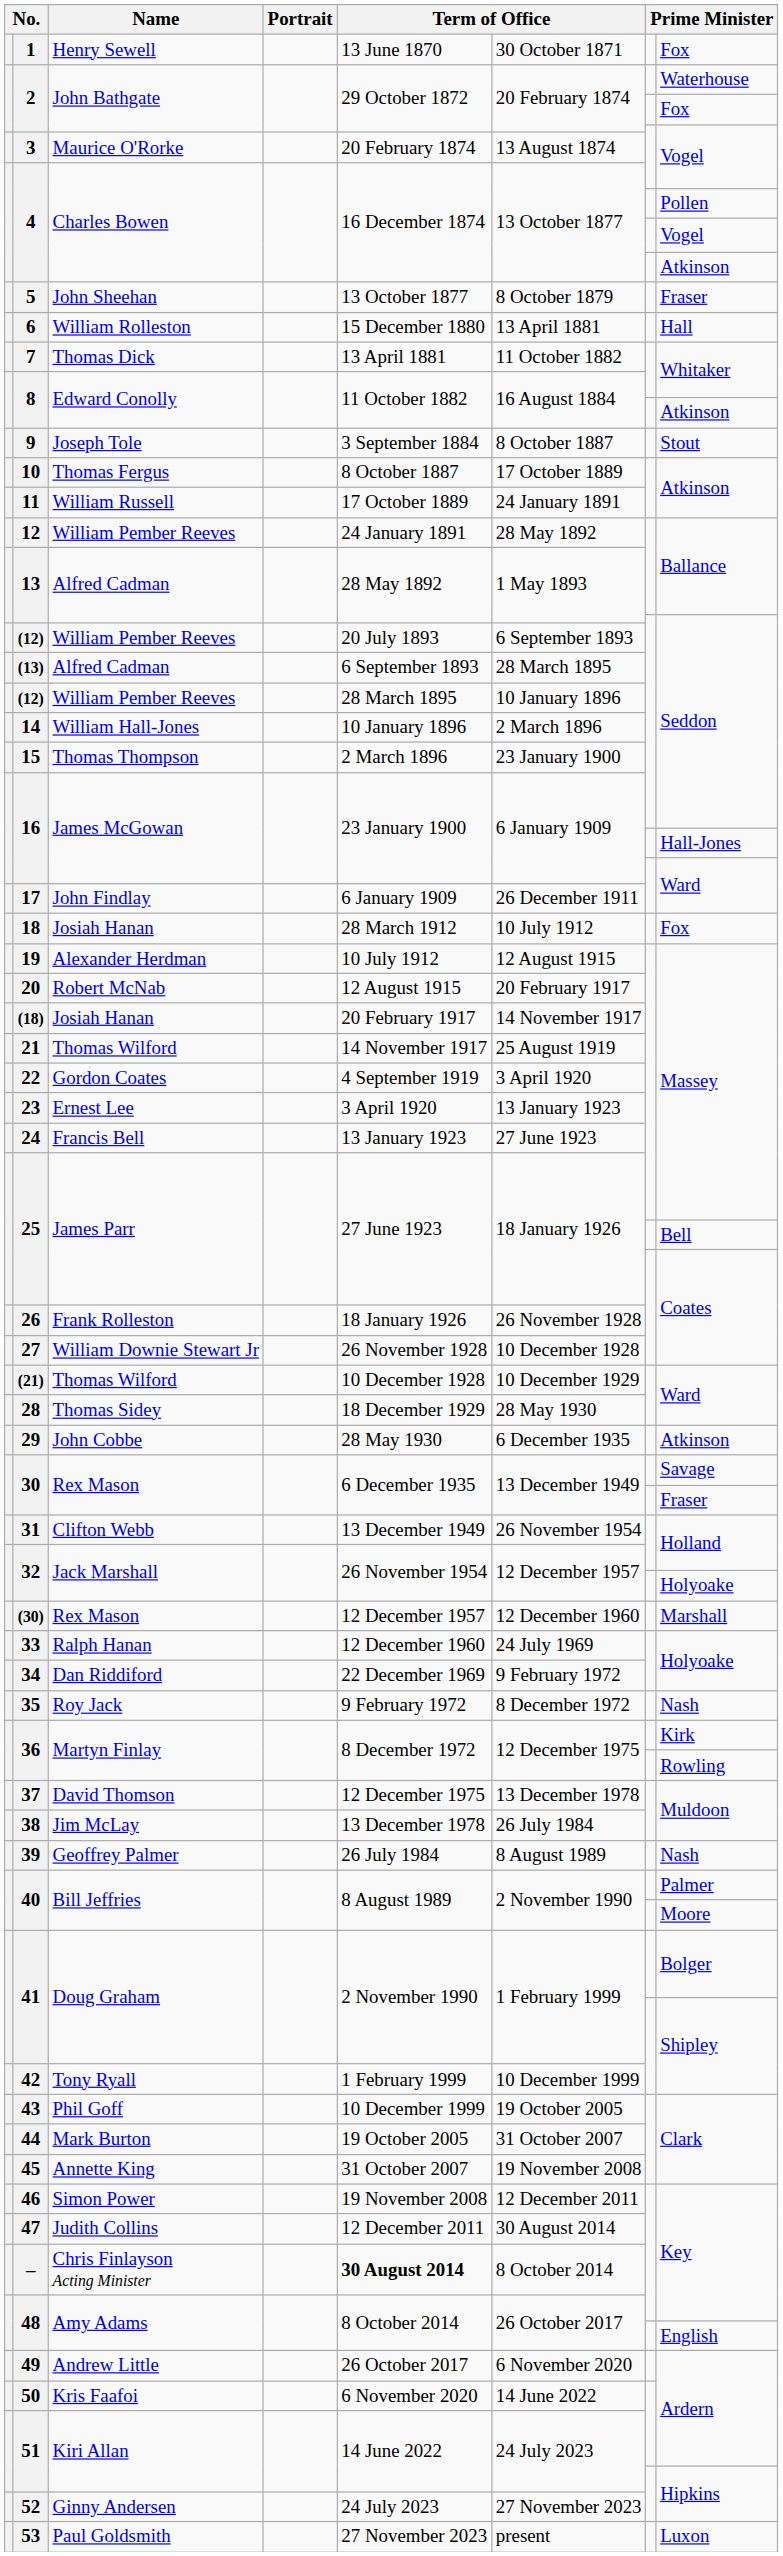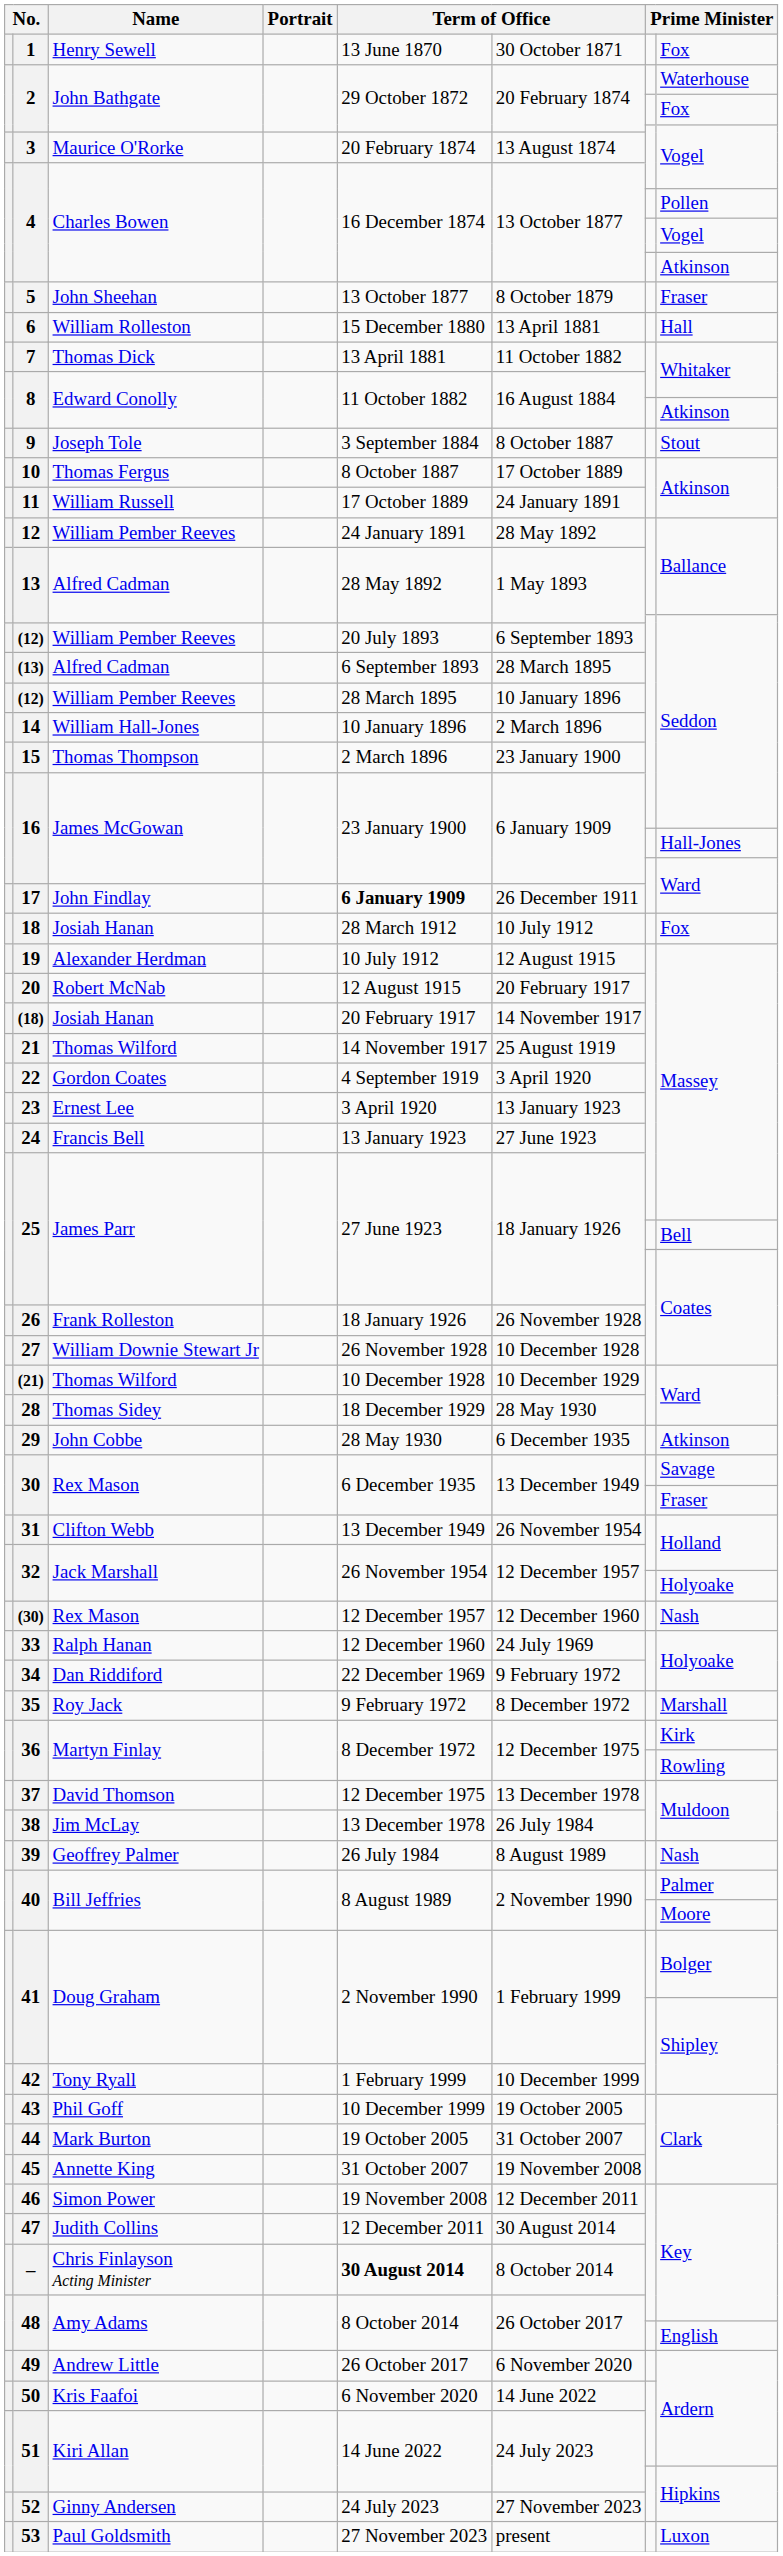 <table class="wikitable">
 <tr>
 <th colspan=2>No.</th>
 <th>Name</th>
 <th>Portrait</th>
 <th colspan=2>Term of Office</th>
 <th colspan=2>Prime Minister</th>
 </tr>
 <tr>
 <th style="color:inherit;background:"></th>
 <th>1</th>
 <td><a href='#'>Henry Sewell</a></td>
 <td></td>
 <td>13 June 1870</td>
 <td>30 October 1871</td>
 <td width=1 style="color:inherit;background:"></td>
 <td><a href='#'>Fox</a></td>
 </tr>
 <tr>
 <th rowspan=2 style="border-bottom:solid 0 grey; background:"></th>
 <th rowspan=3>2</th>
 <td rowspan=3><a href='#'>John Bathgate</a></td>
 <td rowspan=3></td>
 <td rowspan=3>29 October 1872</td>
 <td rowspan=3>20 February 1874</td>
 <td style="border-bottom:solid 0 grey; background:"></td>
 <td><a href='#'>Waterhouse</a></td>
 </tr>
 <tr>
 <td style="border-bottom:solid 0 grey; background:"></td>
 <td><a href='#'>Fox</a></td>
 </tr>
 <tr>
 <th style="border-top:solid 0 grey; background:"></th>
 <td rowspan=2 style="border-bottom:solid 0 grey; background:"></td>
 <td rowspan=3><a href='#'>Vogel</a></td>
 </tr>
 <tr>
 <th style="color:inherit;background:"></th>
 <th>3</th>
 <td><a href='#'>Maurice O'Rorke</a></td>
 <td></td>
 <td>20 February 1874</td>
 <td>13 August 1874</td>
 </tr>
 <tr>
 <th rowspan=5 style="color:inherit;background:"></th>
 <th rowspan=5>4</th>
 <td rowspan=5><a href='#'>Charles Bowen</a></td>
 <td rowspan=5></td>
 <td rowspan=5>16 December 1874</td>
 <td rowspan=5>13 October 1877</td>
 <td height=15 style="border-top:solid 0 grey; background:"></td>
 </tr>
 <tr>
 <td style="color:inherit;background:"></td>
 <td><a href='#'>Pollen</a></td>
 </tr>
 <tr>
 <td height=15 style="border-bottom:solid 0 grey; background:"></td>
 <td rowspan=2><a href='#'>Vogel</a></td>
 </tr>
 <tr>
 <td style="border-top:solid 0 grey; background:"></td>
 </tr>
 <tr>
 <td style="color:inherit;background:"></td>
 <td><a href='#'>Atkinson</a></td>
 </tr>
 <tr>
 <th style="color:inherit;background:"></th>
 <th>5</th>
 <td><a href='#'>John Sheehan</a></td>
 <td></td>
 <td>13 October 1877</td>
 <td>8 October 1879</td>
 <td style="color:inherit;background:"></td>
 <td><a href='#'>Fraser</a></td>
 </tr>
 <tr>
 <th style="color:inherit;background:"></th>
 <th>6</th>
 <td><a href='#'>William Rolleston</a></td>
 <td></td>
 <td>15 December 1880</td>
 <td>13 April 1881</td>
 <td rowspan=2 style="color:inherit;background:"></td>
 <td rowspan=2><a href='#'>Hall</a></td>
 </tr>
 <tr>
 <th rowspan=2 style="color:inherit;background:"></th>
 <th rowspan=2>7</th>
 <td rowspan=2><a href='#'>Thomas Dick</a></td>
 <td rowspan=2></td>
 <td rowspan=2>13 April 1881</td>
 <td rowspan=2>11 October 1882</td>
 </tr>
 <tr>
 <td rowspan=2 style="color:inherit;background:"></td>
 <td rowspan=2><a href='#'>Whitaker</a></td>
 </tr>
 <tr>
 <th height=15 style="border-bottom:solid 0 grey; background:"></th>
 <th rowspan=2>8</th>
 <td rowspan=2><a href='#'>Edward Conolly</a></td>
 <td rowspan=2></td>
 <td rowspan=2>11 October 1882</td>
 <td rowspan=2>16 August 1884</td>
 </tr>
 <tr>
 <th style="border-top:solid 0 grey; background:"></th>
 <td style="color:inherit;background:"></td>
 <td><a href='#'>Atkinson</a></td>
 </tr>
 <tr>
 <th style="color:inherit;background:"></th>
 <th>9</th>
 <td><a href='#'>Joseph Tole</a></td>
 <td></td>
 <td>3 September 1884</td>
 <td>8 October 1887</td>
 <td style="color:inherit;background:"></td>
 <td><a href='#'>Stout</a></td>
 </tr>
 <tr>
 <th style="color:inherit;background:"></th>
 <th>10</th>
 <td><a href='#'>Thomas Fergus</a></td>
 <td></td>
 <td>8 October 1887</td>
 <td>17 October 1889</td>
 <td rowspan=2 style="color:inherit;background:"></td>
 <td rowspan=2><a href='#'>Atkinson</a></td>
 </tr>
 <tr>
 <th style="color:inherit;background:"></th>
 <th>11</th>
 <td><a href='#'>William Russell</a></td>
 <td></td>
 <td>17 October 1889</td>
 <td>24 January 1891</td>
 </tr>
 <tr>
 <th style="border-bottom:solid 0 grey; background:"></th>
 <th>12</th>
 <td><a href='#'>William Pember Reeves</a></td>
 <td></td>
 <td>24 January 1891</td>
 <td>28 May 1892</td>
 <td rowspan=2 style="border-bottom:solid 0 grey; background:"></td>
 <td rowspan=2><a href='#'>Ballance</a></td>
 </tr>
 <tr>
 <th height=50 style="border-bottom:solid 0 grey; background:"></th>
 <th rowspan=2>13</th>
 <td rowspan=2><a href='#'>Alfred Cadman</a></td>
 <td rowspan=2></td>
 <td rowspan=2>28 May 1892</td>
 <td rowspan=2>1 May 1893</td>
 </tr>
 <tr>
 <th style="border-top:solid 0 grey; background:"></th>
 <td rowspan=6 style="border-bottom:solid 0 grey; background:"></td>
 <td rowspan=7><a href='#'>Seddon</a></td>
 </tr>
 <tr>
 <th style="color:inherit;background:"></th>
 <th><small>(12)</small></th>
 <td><a href='#'>William Pember Reeves</a></td>
 <td></td>
 <td>20 July 1893</td>
 <td>6 September 1893</td>
 </tr>
 <tr>
 <th style="color:inherit;background:"></th>
 <th><small>(13)</small></th>
 <td><a href='#'>Alfred Cadman</a></td>
 <td></td>
 <td>6 September 1893</td>
 <td>28 March 1895</td>
 </tr>
 <tr>
 <th style="color:inherit;background:"></th>
 <th><small>(12)</small></th>
 <td><a href='#'>William Pember Reeves</a></td>
 <td></td>
 <td>28 March 1895</td>
 <td>10 January 1896</td>
 </tr>
 <tr>
 <th style="color:inherit;background:"></th>
 <th>14</th>
 <td><a href='#'>William Hall-Jones</a></td>
 <td></td>
 <td>10 January 1896</td>
 <td>2 March 1896</td>
 </tr>
 <tr>
 <th style="color:inherit;background:"></th>
 <th>15</th>
 <td><a href='#'>Thomas Thompson</a></td>
 <td></td>
 <td>2 March 1896</td>
 <td>23 January 1900</td>
 </tr>
 <tr>
 <th rowspan=3 style="color:inherit;background:"></th>
 <th rowspan=3>16</th>
 <td rowspan=3><a href='#'>James McGowan</a></td>
 <td rowspan=3></td>
 <td rowspan=3>23 January 1900</td>
 <td rowspan=3>6 January 1909</td>
 <td height=40 style="border-top:solid 0 grey; background:"></td>
 </tr>
 <tr>
 <td height=15 style="color:inherit;background:"></td>
 <td><a href='#'>Hall-Jones</a></td>
 </tr>
 <tr>
 <td height=15 style="border-bottom:solid 0 grey; background:"></td>
 <td rowspan=2><a href='#'>Ward</a></td>
 </tr>
 <tr>
 <th style="color:inherit;background:"></th>
 <th>17</th>
 <td><a href='#'>John Findlay</a></td>
 <td></td>
-<td>6 January 1909</td>
+<td><strong>6 January 1909</strong></td>
 <td>26 December 1911</td>
 <td style="border-top:solid 0 grey; background:"></td>
 </tr>
 <tr>
 <th style="color:inherit;background:"></th>
 <th>18</th>
 <td><a href='#'>Josiah Hanan</a></td>
 <td></td>
 <td>28 March 1912</td>
 <td>10 July 1912</td>
 <td style="color:inherit;background:"></td>
 <td><a href='#'>Fox</a></td>
 </tr>
 <tr>
 <th style="color:inherit;background:"></th>
 <th>19</th>
 <td><a href='#'>Alexander Herdman</a></td>
 <td></td>
 <td>10 July 1912</td>
 <td>12 August 1915</td>
 <td rowspan=7 style="border-bottom:solid 0 grey; background:"></td>
 <td rowspan=8><a href='#'>Massey</a></td>
 </tr>
 <tr>
 <th style="color:inherit;background:"></th>
 <th>20</th>
 <td><a href='#'>Robert McNab</a></td>
 <td></td>
 <td>12 August 1915</td>
 <td>20 February 1917</td>
 </tr>
 <tr>
 <th style="color:inherit;background:"></th>
 <th><small>(18)</small></th>
 <td><a href='#'>Josiah Hanan</a></td>
 <td></td>
 <td>20 February 1917</td>
 <td>14 November 1917</td>
 </tr>
 <tr>
 <th style="color:inherit;background:"></th>
 <th>21</th>
 <td><a href='#'>Thomas Wilford</a></td>
 <td></td>
 <td>14 November 1917</td>
 <td>25 August 1919</td>
 </tr>
 <tr>
 <th style="color:inherit;background:"></th>
 <th>22</th>
 <td><a href='#'>Gordon Coates</a></td>
 <td></td>
 <td>4 September 1919</td>
 <td>3 April 1920</td>
 </tr>
 <tr>
 <th style="color:inherit;background:"></th>
 <th>23</th>
 <td><a href='#'>Ernest Lee</a></td>
 <td></td>
 <td>3 April 1920</td>
 <td>13 January 1923</td>
 </tr>
 <tr>
 <th style="color:inherit;background:"></th>
 <th>24</th>
 <td><a href='#'>Francis Bell</a></td>
 <td></td>
 <td>13 January 1923</td>
 <td>27 June 1923</td>
 </tr>
 <tr>
 <th rowspan=3 style="color:inherit;background:"></th>
 <th rowspan=3>25</th>
 <td rowspan=3><a href='#'>James Parr</a></td>
 <td rowspan=3></td>
 <td rowspan=3>27 June 1923</td>
 <td rowspan=3>18 January 1926</td>
 <td height=50 style="border-top:solid 0 grey; background:"></td>
 </tr>
 <tr>
 <td style="color:inherit;background:"></td>
 <td><a href='#'>Bell</a></td>
 </tr>
 <tr>
 <td height=40 style="border-bottom:solid 0 grey; background:"></td>
 <td rowspan=3><a href='#'>Coates</a></td>
 </tr>
 <tr>
 <th style="color:inherit;background:"></th>
 <th>26</th>
 <td><a href='#'>Frank Rolleston</a></td>
 <td></td>
 <td>18 January 1926</td>
 <td>26 November 1928</td>
 <td rowspan=2 style="border-top:solid 0 grey; background:"></td>
 </tr>
 <tr>
 <th style="color:inherit;background:"></th>
 <th>27</th>
 <td><a href='#'>William Downie Stewart Jr</a></td>
 <td></td>
 <td>26 November 1928</td>
 <td>10 December 1928</td>
 </tr>
 <tr>
 <th style="color:inherit;background:"></th>
 <th><small>(21)</small></th>
 <td><a href='#'>Thomas Wilford</a></td>
 <td></td>
 <td>10 December 1928</td>
 <td>10 December 1929</td>
 <td rowspan=2 style="color:inherit;background:"></td>
 <td rowspan=2><a href='#'>Ward</a></td>
 </tr>
 <tr>
 <th style="color:inherit;background:"></th>
 <th>28</th>
 <td><a href='#'>Thomas Sidey</a></td>
 <td></td>
 <td>18 December 1929</td>
 <td>28 May 1930</td>
 </tr>
 <tr>
 <th style="color:inherit;background:"></th>
 <th>29</th>
 <td><a href='#'>John Cobbe</a></td>
 <td></td>
 <td>28 May 1930</td>
 <td>6 December 1935</td>
 <td style="color:inherit;background:"></td>
 <td><a href='#'>Atkinson</a></td>
 </tr>
 <tr>
 <th rowspan=2 style="color:inherit;background:"></th>
 <th rowspan=2>30</th>
 <td rowspan=2><a href='#'>Rex Mason</a></td>
 <td rowspan=2></td>
 <td rowspan=2>6 December 1935</td>
 <td rowspan=2>13 December 1949</td>
 <td style="color:inherit;background:"></td>
 <td><a href='#'>Savage</a></td>
 </tr>
 <tr>
 <td style="color:inherit;background:"></td>
 <td><a href='#'>Fraser</a></td>
 </tr>
 <tr>
 <th style="color:inherit;background:"></th>
 <th>31</th>
 <td><a href='#'>Clifton Webb</a></td>
 <td></td>
 <td>13 December 1949</td>
 <td>26 November 1954</td>
 <td rowspan="2" style="color:inherit;background:"></td>
 <td rowspan="2"><a href='#'>Holland</a></td>
 </tr>
 <tr>
 <th height=15 style="border-bottom:solid 0 grey; background:"></th>
 <th rowspan="2">32</th>
 <td rowspan="2"><a href='#'>Jack Marshall</a></td>
 <td rowspan="2"></td>
 <td rowspan="2">26 November 1954</td>
 <td rowspan="2">12 December 1957</td>
 </tr>
 <tr>
 <th height=15 style="border-top:solid 0 grey; background:"></th>
 <td style="color:inherit;background:"></td>
 <td><a href='#'>Holyoake</a></td>
 </tr>
 <tr>
 <th style="color:inherit;background:"></th>
 <th><small>(30)</small></th>
 <td><a href='#'>Rex Mason</a></td>
 <td></td>
 <td>12 December 1957</td>
 <td>12 December 1960</td>
 <td style="color:inherit;background:"></td>
-<td><a href='#'>Marshall</a></td>
+<td><a href='#'>Nash</a></td>
 </tr>
 <tr>
 <th style="color:inherit;background:"></th>
 <th>33</th>
 <td><a href='#'>Ralph Hanan</a></td>
 <td></td>
 <td>12 December 1960</td>
 <td>24 July 1969</td>
 <td rowspan=2 style="color:inherit;background:"></td>
 <td rowspan=2><a href='#'>Holyoake</a></td>
 </tr>
 <tr>
 <th style="color:inherit;background:"></th>
 <th>34</th>
 <td><a href='#'>Dan Riddiford</a></td>
 <td></td>
 <td>22 December 1969</td>
 <td>9 February 1972</td>
 </tr>
 <tr>
 <th style="color:inherit;background:"></th>
 <th>35</th>
 <td><a href='#'>Roy Jack</a></td>
 <td></td>
 <td>9 February 1972</td>
 <td>8 December 1972</td>
 <td style="color:inherit;background:"></td>
-<td><a href='#'>Nash</a></td>
+<td><a href='#'>Marshall</a></td>
 </tr>
 <tr>
 <th rowspan=2 style="color:inherit;background:"></th>
 <th rowspan=2>36</th>
 <td rowspan=2><a href='#'>Martyn Finlay</a></td>
 <td rowspan=2></td>
 <td rowspan=2>8 December 1972</td>
 <td rowspan=2>12 December 1975</td>
 <td style="color:inherit;background:"></td>
 <td><a href='#'>Kirk</a></td>
 </tr>
 <tr>
 <td style="color:inherit;background:"></td>
 <td><a href='#'>Rowling</a></td>
 </tr>
 <tr>
 <th style="color:inherit;background:"></th>
 <th>37</th>
 <td><a href='#'>David Thomson</a></td>
 <td></td>
 <td>12 December 1975</td>
 <td>13 December 1978</td>
 <td rowspan="2" style="color:inherit;background:"></td>
 <td rowspan="2"><a href='#'>Muldoon</a></td>
 </tr>
 <tr>
 <th style="color:inherit;background:"></th>
 <th>38</th>
 <td><a href='#'>Jim McLay</a></td>
 <td></td>
 <td>13 December 1978</td>
 <td>26 July 1984</td>
 </tr>
 <tr>
 <th style="color:inherit;background:"></th>
 <th>39</th>
 <td><a href='#'>Geoffrey Palmer</a></td>
 <td></td>
 <td>26 July 1984</td>
 <td>8 August 1989</td>
 <td style="color:inherit;background:"></td>
 <td><a href='#'>Nash</a></td>
 </tr>
 <tr>
 <th rowspan=2 style="color:inherit;background:"></th>
 <th rowspan=2>40</th>
 <td rowspan=2><a href='#'>Bill Jeffries</a></td>
 <td rowspan=2></td>
 <td rowspan=2>8 August 1989</td>
 <td rowspan=2>2 November 1990</td>
 <td style="color:inherit;background:"></td>
 <td><a href='#'>Palmer</a></td>
 </tr>
 <tr>
 <td style="color:inherit;background:"></td>
 <td><a href='#'>Moore</a></td>
 </tr>
 <tr>
 <th height=50 style="border-bottom:solid 0 grey; background:"></th>
 <th rowspan=2>41</th>
 <td rowspan=2><a href='#'>Doug Graham</a></td>
 <td rowspan=2></td>
 <td rowspan=2>2 November 1990</td>
 <td rowspan=2>1 February 1999</td>
 <td style="color:inherit;background:"></td>
 <td><a href='#'>Bolger</a></td>
 </tr>
 <tr>
 <th height=50 style="border-top:solid 0 grey; background:"></th>
 <td rowspan=2 style="border-bottom:solid 0 grey; background:"></td>
 <td rowspan=2><a href='#'>Shipley</a></td>
 </tr>
 <tr>
 <th style="color:inherit;background:"></th>
 <th>42</th>
 <td><a href='#'>Tony Ryall</a></td>
 <td></td>
 <td>1 February 1999</td>
 <td>10 December 1999</td>
 </tr>
 <tr>
 <th style="color:inherit;background:"></th>
 <th>43</th>
 <td><a href='#'>Phil Goff</a></td>
 <td></td>
 <td>10 December 1999</td>
 <td>19 October 2005</td>
 <td rowspan=3 style="color:inherit;background:"></td>
 <td rowspan=3><a href='#'>Clark</a></td>
 </tr>
 <tr>
 <th style="color:inherit;background:"></th>
 <th>44</th>
 <td><a href='#'>Mark Burton</a></td>
 <td></td>
 <td>19 October 2005</td>
 <td>31 October 2007</td>
 </tr>
 <tr>
 <th style="color:inherit;background:"></th>
 <th>45</th>
 <td><a href='#'>Annette King</a></td>
 <td></td>
 <td>31 October 2007</td>
 <td>19 November 2008</td>
 </tr>
 <tr>
 <th style="color:inherit;background:"></th>
 <th>46</th>
 <td><a href='#'>Simon Power</a></td>
 <td></td>
 <td>19 November 2008</td>
 <td>12 December 2011</td>
 <td rowspan="4" style="color:inherit;background:"></td>
 <td rowspan="4"><a href='#'>Key</a></td>
 </tr>
 <tr>
 <th style="color:inherit;background:"></th>
 <th>47</th>
 <td><a href='#'>Judith Collins</a></td>
 <td></td>
 <td>12 December 2011</td>
 <td>30 August 2014</td>
 </tr>
 <tr>
 <th style="color:inherit;background:"></th>
 <th>–</th>
 <td><a href='#'>Chris Finlayson</a><br><small><em>Acting Minister</em></small></td>
 <td></td>
 <td><strong>30 August 2014</strong></td>
 <td>8 October 2014</td>
 </tr>
 <tr>
 <th height="15" style="border-bottom:solid 0 grey; background:"></th>
 <th rowspan="2">48</th>
 <td rowspan="2"><a href='#'>Amy Adams</a></td>
 <td rowspan="2"></td>
 <td rowspan="2">8 October 2014</td>
 <td rowspan="2">26 October 2017</td>
 </tr>
 <tr>
 <th height=15 style="border-top:solid 0 grey; background:"></th>
 <td style="color:inherit;background:"></td>
 <td><a href='#'>English</a></td>
 </tr>
 <tr>
 <th style="color:inherit;background:"></th>
 <th>49</th>
 <td><a href='#'>Andrew Little</a></td>
 <td></td>
 <td>26 October 2017</td>
 <td>6 November 2020</td>
 <td style="color:inherit;background:"></td>
 <td rowspan=3><a href='#'>Ardern</a></td>
 </tr>
 <tr>
 <th style="color:inherit;background:"></th>
 <th>50</th>
 <td><a href='#'>Kris Faafoi</a></td>
 <td></td>
 <td>6 November 2020</td>
 <td>14 June 2022</td>
 </tr>
 <tr>
 <th height=40 style="border-bottom:solid 0 grey; background:"></th>
 <th rowspan="2">51</th>
 <td rowspan="2"><a href='#'>Kiri Allan</a></td>
 <td rowspan="2"></td>
 <td rowspan="2">14 June 2022</td>
 <td rowspan="2">24 July 2023</td>
 </tr>
 <tr>
 <th height=15 style="border-top:solid 0 grey; background:"></th>
 <td rowspan="2" style="color:inherit;background:"></td>
 <td rowspan="2"><a href='#'>Hipkins</a></td>
 </tr>
 <tr>
 <th style="color:inherit;background:"></th>
 <th>52</th>
 <td><a href='#'>Ginny Andersen</a></td>
 <td></td>
 <td>24 July 2023</td>
 <td>27 November 2023</td>
 </tr>
 <tr>
 <th style="color:inherit;background:"></th>
 <th>53</th>
 <td><a href='#'>Paul Goldsmith</a></td>
 <td></td>
 <td>27 November 2023</td>
 <td>present</td>
 <td style="color:inherit;background:"></td>
 <td><a href='#'>Luxon</a></td>
 </tr>
 </table>
